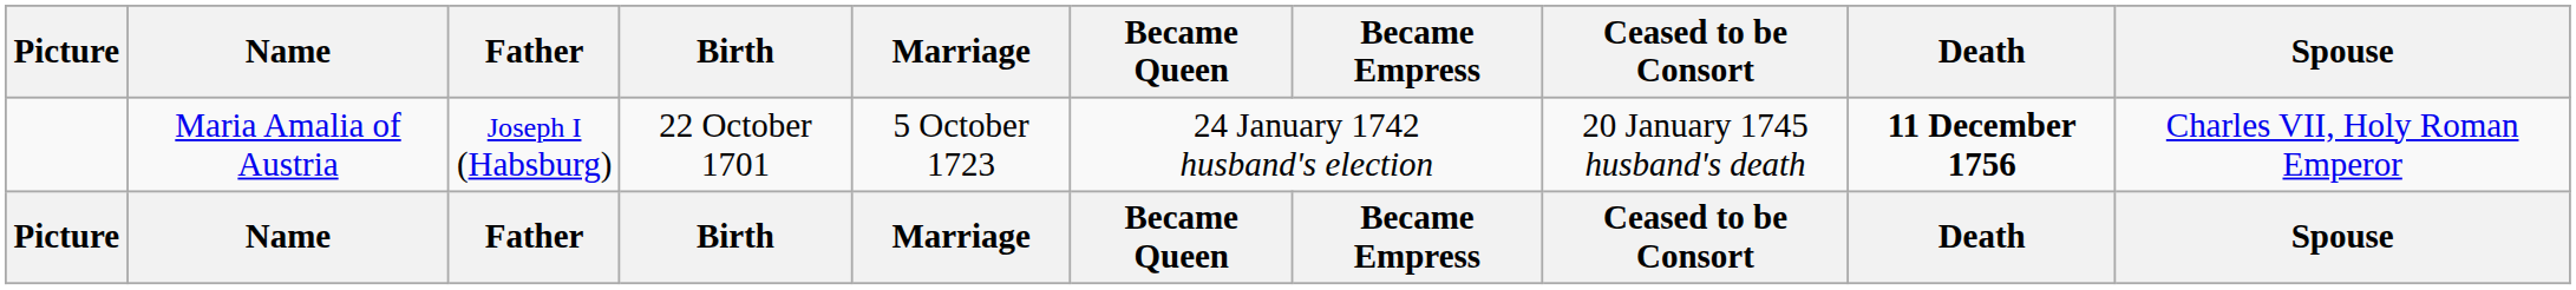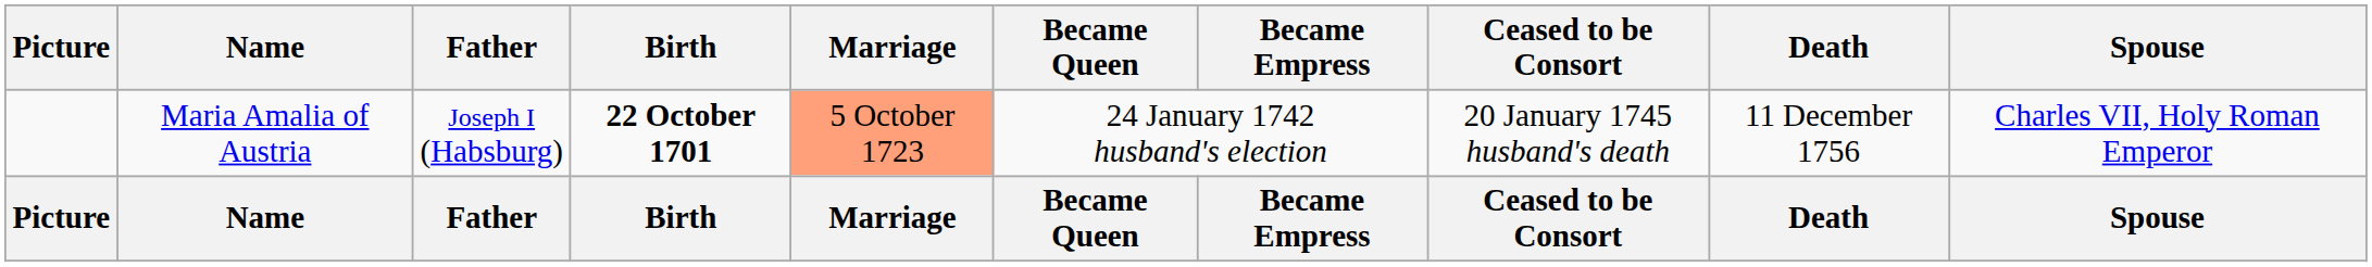 <table width=95% class="wikitable">
 <tr>
 <th>Picture</th>
 <th>Name</th>
 <th>Father</th>
 <th>Birth</th>
 <th>Marriage</th>
 <th>Became Queen</th>
 <th>Became Empress</th>
 <th>Ceased to be Consort</th>
 <th>Death</th>
 <th>Spouse</th>
 </tr>
 <tr>
 <td align=center></td>
 <td align=center><a href='#'>Maria Amalia of Austria</a></td>
 <td align="center"><small><a href='#'>Joseph I</a></small><br>(<a href='#'>Habsburg</a>)</td>
-<td align="center">22 October 1701</td>
-<td align="center">5 October 1723</td>
+<td align="center"><strong>22 October 1701</strong></td>
+<td align="center" style="background: lightsalmon;">5 October 1723</td>
 <td align="center" colspan="2">24 January 1742<br><em>husband's election</em></td>
 <td align="center">20 January 1745<br><em>husband's death</em></td>
-<td align="center"><strong>11 December 1756</strong></td>
+<td align="center">11 December 1756</td>
 <td align="center"><a href='#'>Charles VII, Holy Roman Emperor</a></td>
 </tr>
 <tr>
 <th>Picture</th>
 <th>Name</th>
 <th>Father</th>
 <th>Birth</th>
 <th>Marriage</th>
 <th>Became Queen</th>
 <th>Became Empress</th>
 <th>Ceased to be Consort</th>
 <th>Death</th>
 <th>Spouse</th>
 </tr>
 </table>
